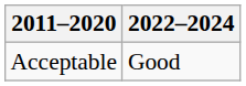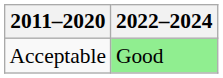 <table class="wikitable">
 <tr>
 <th>2011–2020</th>
 <th>2022–2024</th>
 </tr>
 <tr>
 <td>Acceptable</td>
-<td>Good</td>
+<td style="background: lightgreen;">Good</td>
 </tr>
 </table>
